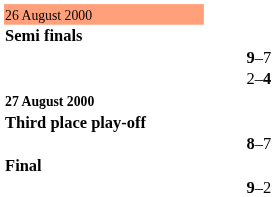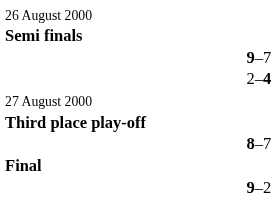 <table width=100% cellspacing=1>
 <tr>
 <th width=22%></th>
 <th width=12%></th>
 <th></th>
 </tr>
 <tr>
-<td style="background: lightsalmon;"><small>26 August 2000</small></td>
+<td><small>26 August 2000</small></td>
 </tr>
 <tr>
 <td><strong>Semi finals</strong></td>
 </tr>
 <tr>
 <td align=right><strong></strong></td>
 <td align=center><strong>9</strong>–7</td>
 <td></td>
 </tr>
 <tr>
 <td align=right></td>
 <td align=center>2–<strong>4</strong></td>
 <td><strong></strong></td>
 </tr>
 <tr>
-<td><strong><small>27 August 2000</small></strong></td>
+<td><small>27 August 2000</small></td>
 </tr>
 <tr>
 <td><strong>Third place play-off</strong></td>
 </tr>
 <tr>
 <td align=right><strong></strong></td>
 <td align=center><strong>8</strong>–7</td>
 <td></td>
 </tr>
 <tr>
 <td><strong>Final</strong></td>
 </tr>
 <tr>
 <td align=right><strong></strong></td>
 <td align=center><strong>9</strong>–2</td>
 <td></td>
 </tr>
 </table>
